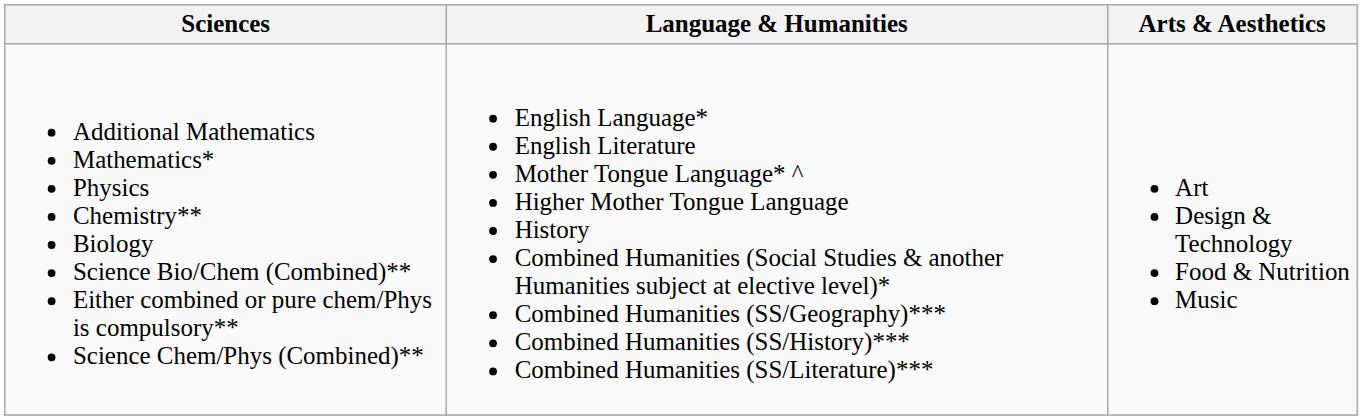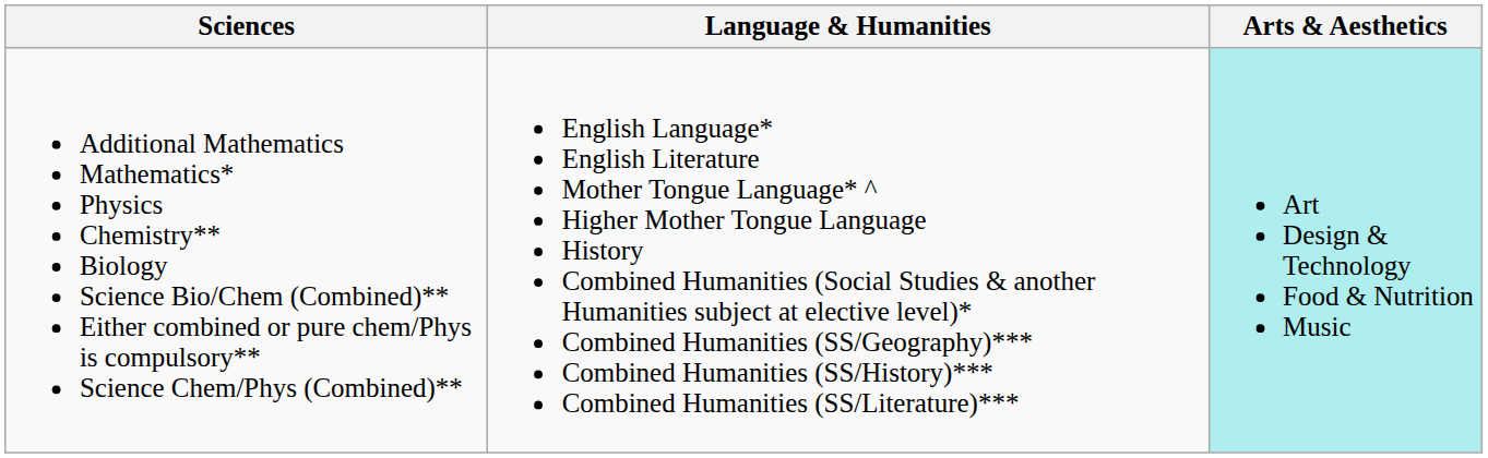 <table class="wikitable">
 <tr>
 <th>Sciences</th>
 <th><strong>Language & Humanities</strong></th>
 <th><strong>Arts & Aesthetics</strong></th>
 </tr>
 <tr>
 <td><br><ul><li>Additional Mathematics</li><li>Mathematics*</li><li>Physics</li><li>Chemistry**</li><li>Biology</li><li>Science Bio/Chem (Combined)**</li><li>Either combined or pure chem/Phys is compulsory**</li><li>Science Chem/Phys (Combined)**</li></ul></td>
 <td><br><ul><li>English Language*</li><li>English Literature</li><li>Mother Tongue Language* ^</li><li>Higher Mother Tongue Language</li><li>History</li><li>Combined Humanities (Social Studies & another Humanities subject at elective level)*</li><li>Combined Humanities (SS/Geography)***</li><li>Combined Humanities (SS/History)***</li><li>Combined Humanities (SS/Literature)***</li></ul></td>
-<td><br><ul><li>Art</li><li>Design & Technology</li><li>Food & Nutrition</li><li>Music</li></ul></td>
+<td style="background: paleturquoise;"><br><ul><li>Art</li><li>Design & Technology</li><li>Food & Nutrition</li><li>Music</li></ul></td>
 </tr>
 </table>
